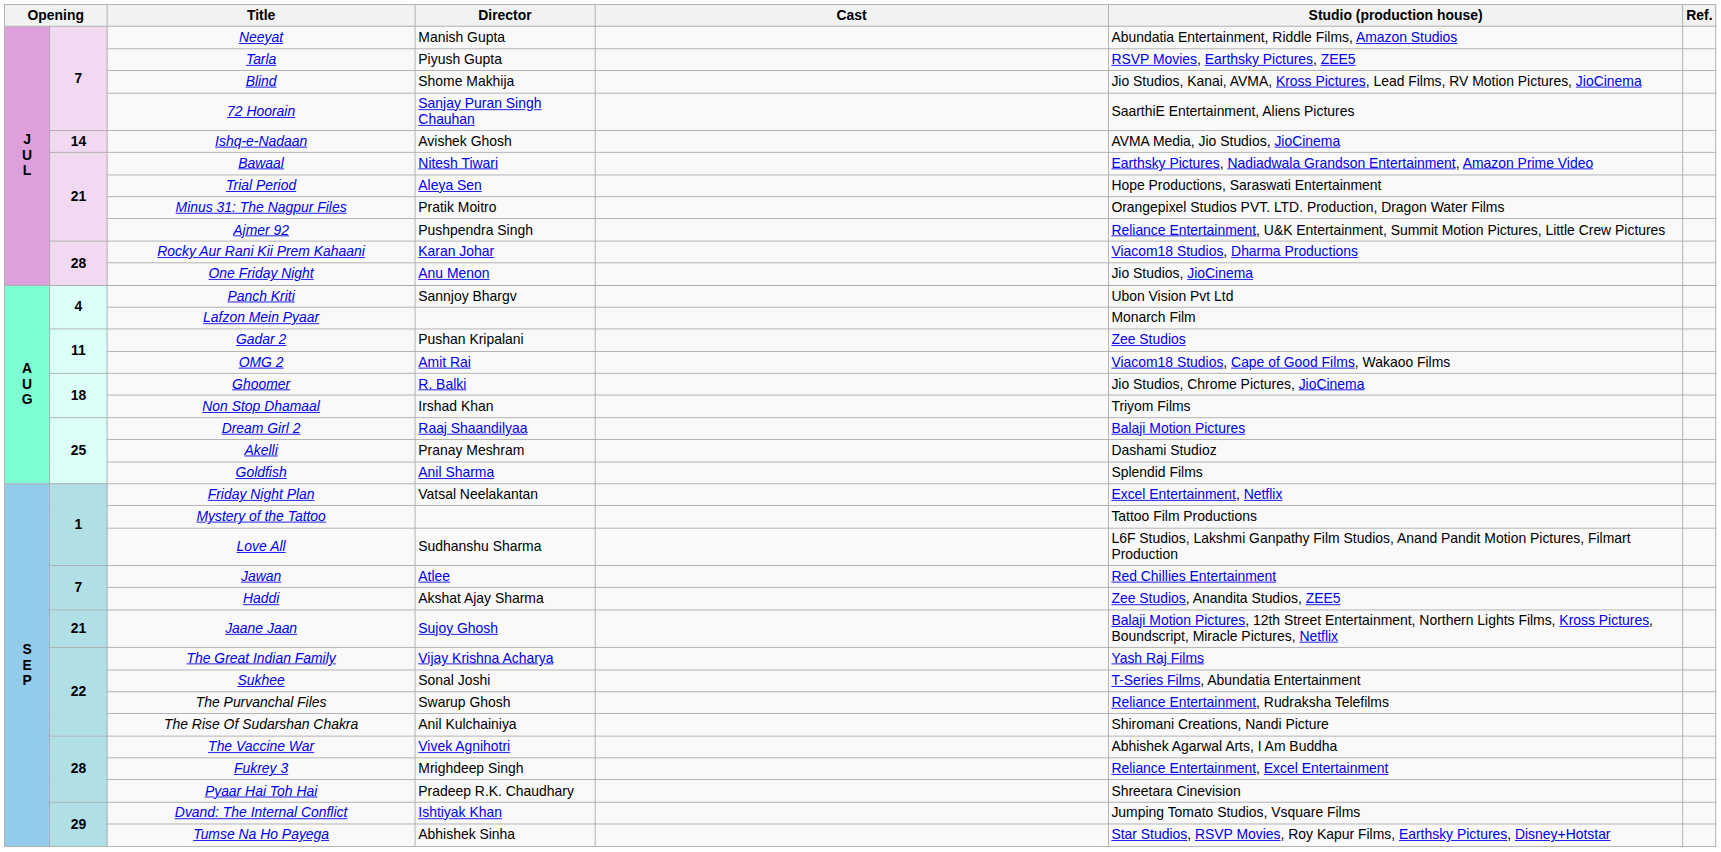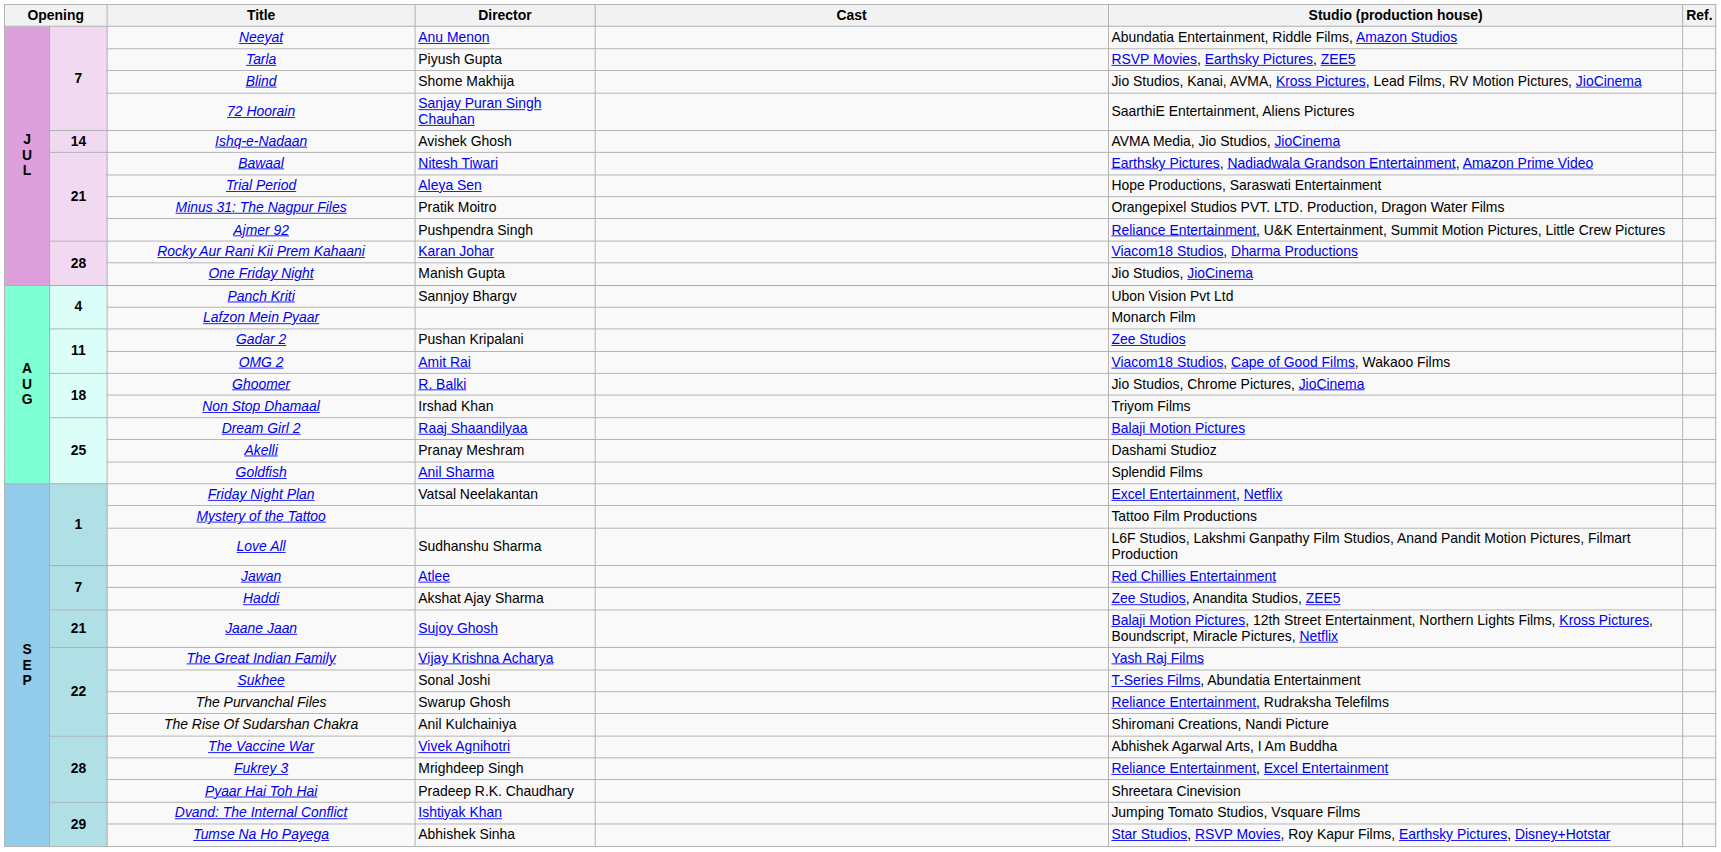 <table class="wikitable">
 <tr style="background:#b0e0e6; text-align:center;">
 <th colspan="2" style="width:6%;"><strong>Opening</strong></th>
 <th style="width:18%;"><strong>Title</strong></th>
 <th style="width:10.5%;"><strong>Director</strong></th>
 <th style="width:30%;"><strong>Cast</strong></th>
 <th>Studio (production house)</th>
 <th>Ref.</th>
 </tr>
 <tr>
 <td rowspan="11" style="text-align:center; background:plum; textcolor:#000;"><strong>J<br>U<br>L</strong></td>
 <td rowspan="4" style="text-align:center;background:#f1daf1;"><strong>7</strong></td>
 <td style="text-align:center;"><em><a href='#'>Neeyat</a></em></td>
-<td>Manish Gupta</td>
+<td><a href='#'>Anu Menon</a></td>
 <td></td>
 <td>Abundatia Entertainment, Riddle Films, <a href='#'>Amazon Studios</a></td>
 <td></td>
 </tr>
 <tr>
 <td style="text-align:center;"><em><a href='#'>Tarla</a></em></td>
 <td>Piyush Gupta</td>
 <td></td>
 <td><a href='#'>RSVP Movies</a>, <a href='#'>Earthsky Pictures</a>, <a href='#'>ZEE5</a></td>
 <td></td>
 </tr>
 <tr>
 <td style="text-align:center;"><em><a href='#'>Blind</a></em></td>
 <td>Shome Makhija</td>
 <td></td>
 <td>Jio Studios, Kanai, AVMA, <a href='#'>Kross Pictures</a>, Lead Films, RV Motion Pictures, <a href='#'>JioCinema</a></td>
 <td></td>
 </tr>
 <tr>
 <td style="text-align:center;"><em><a href='#'>72 Hoorain</a></em></td>
 <td><a href='#'>Sanjay Puran Singh Chauhan</a></td>
 <td></td>
 <td>SaarthiE Entertainment, Aliens Pictures</td>
 <td></td>
 </tr>
 <tr>
 <td style="text-align:center;background:#f1daf1;"><strong>14</strong></td>
 <td style="text-align:center;"><em><a href='#'>Ishq-e-Nadaan</a></em></td>
 <td>Avishek Ghosh</td>
 <td></td>
 <td>AVMA Media, Jio Studios, <a href='#'>JioCinema</a></td>
 <td></td>
 </tr>
 <tr>
 <td rowspan="4" style="text-align:center;background:#f1daf1;"><strong>21</strong></td>
 <td style="text-align:center;"><em><a href='#'>Bawaal</a></em></td>
 <td><a href='#'>Nitesh Tiwari</a></td>
 <td></td>
 <td><a href='#'>Earthsky Pictures</a>, <a href='#'>Nadiadwala Grandson Entertainment</a>, <a href='#'>Amazon Prime Video</a></td>
 <td></td>
 </tr>
 <tr>
 <td style="text-align:center;"><em><a href='#'>Trial Period</a></em></td>
 <td><a href='#'>Aleya Sen</a></td>
 <td></td>
 <td>Hope Productions, Saraswati Entertainment</td>
 <td></td>
 </tr>
 <tr>
 <td style="text-align:center;"><em><a href='#'>Minus 31: The Nagpur Files</a></em></td>
 <td>Pratik Moitro</td>
 <td></td>
 <td>Orangepixel Studios PVT. LTD. Production, Dragon Water Films</td>
 <td></td>
 </tr>
 <tr>
 <td style="text-align:center;"><em><a href='#'>Ajmer 92</a></em></td>
 <td>Pushpendra Singh</td>
 <td></td>
 <td><a href='#'>Reliance Entertainment</a>, U&K Entertainment, Summit Motion Pictures, Little Crew Pictures</td>
 <td></td>
 </tr>
 <tr>
 <td rowspan="2" style="text-align:center;background:#f1daf1;"><strong>28</strong></td>
 <td style="text-align:center;"><em><a href='#'>Rocky Aur Rani Kii Prem Kahaani</a></em></td>
 <td><a href='#'>Karan Johar</a></td>
 <td></td>
 <td><a href='#'>Viacom18 Studios</a>, <a href='#'>Dharma Productions</a></td>
 <td></td>
 </tr>
 <tr>
 <td style="text-align:center;"><em><a href='#'>One Friday Night</a></em></td>
-<td><a href='#'>Anu Menon</a></td>
+<td>Manish Gupta</td>
 <td></td>
 <td>Jio Studios, <a href='#'>JioCinema</a></td>
 <td></td>
 </tr>
 <tr>
 <td rowspan="10" style="text-align:center; background:#7FFFD4; textcolor:#000;"><strong>A<br>U<br>G</strong></td>
 </tr>
 <tr>
 <td rowspan="2" style="text-align:center; background:#dbfff8; textcolor:#000;"><strong>4</strong></td>
 <td style="text-align:center;"><em><a href='#'>Panch Kriti</a></em></td>
 <td>Sannjoy Bhargv</td>
 <td></td>
 <td>Ubon Vision Pvt Ltd</td>
 <td></td>
 </tr>
 <tr>
 <td style="text-align:center;"><em><a href='#'>Lafzon Mein Pyaar</a></em></td>
 <td></td>
 <td></td>
 <td>Monarch Film</td>
 <td></td>
 </tr>
 <tr>
 <td rowspan="2" style="text-align:center; background:#dbfff8; textcolor:#000;"><strong>11</strong></td>
 <td style="text-align:center;"><em><a href='#'>Gadar 2</a></em></td>
 <td>Pushan Kripalani</td>
 <td></td>
 <td><a href='#'>Zee Studios</a></td>
 <td></td>
 </tr>
 <tr>
 <td style="text-align:center;"><em><a href='#'>OMG 2</a></em></td>
 <td><a href='#'>Amit Rai</a></td>
 <td></td>
 <td><a href='#'>Viacom18 Studios</a>, <a href='#'>Cape of Good Films</a>, Wakaoo Films</td>
 <td></td>
 </tr>
 <tr>
 <td rowspan="2" style="text-align:center; background:#dbfff8; textcolor:#000;"><strong>18</strong></td>
 <td style="text-align:center;"><em><a href='#'>Ghoomer</a></em></td>
 <td><a href='#'>R. Balki</a></td>
 <td></td>
 <td>Jio Studios, Chrome Pictures, <a href='#'>JioCinema</a></td>
 <td></td>
 </tr>
 <tr>
 <td style="text-align:center;"><em><a href='#'>Non Stop Dhamaal</a></em></td>
 <td>Irshad Khan</td>
 <td></td>
 <td>Triyom Films</td>
 <td></td>
 </tr>
 <tr>
 <td rowspan="3" style="text-align:center; background:#dbfff8; textcolor:#000;"><strong>25</strong></td>
 <td style="text-align:center;"><em><a href='#'>Dream Girl 2</a></em></td>
 <td><a href='#'>Raaj Shaandilyaa</a></td>
 <td></td>
 <td><a href='#'>Balaji Motion Pictures</a></td>
 <td></td>
 </tr>
 <tr>
 <td style="text-align:center;"><em><a href='#'>Akelli</a></em></td>
 <td>Pranay Meshram</td>
 <td></td>
 <td>Dashami Studioz</td>
 <td></td>
 </tr>
 <tr>
 <td style="text-align:center;"><em><a href='#'>Goldfish</a></em></td>
 <td><a href='#'>Anil Sharma</a></td>
 <td></td>
 <td>Splendid Films</td>
 <td></td>
 </tr>
 <tr>
 <td rowspan="15" style="text-align:center; background:#93CCEA; textcolor:#000;"><strong>S<br>E<br>P</strong></td>
 <td rowspan="3" style="text-align:center;background:#B0E0E6;"><strong>1</strong></td>
 <td style="text-align:center;"><em><a href='#'>Friday Night Plan</a></em></td>
 <td>Vatsal Neelakantan</td>
 <td></td>
 <td><a href='#'>Excel Entertainment</a>, <a href='#'>Netflix</a></td>
 <td></td>
 </tr>
 <tr>
 <td style="text-align:center;"><em><a href='#'>Mystery of the Tattoo</a></em></td>
 <td></td>
 <td></td>
 <td>Tattoo Film Productions</td>
 <td></td>
 </tr>
 <tr>
 <td style="text-align:center;"><em><a href='#'>Love All</a></em></td>
 <td>Sudhanshu Sharma</td>
 <td></td>
 <td>L6F Studios, Lakshmi Ganpathy Film Studios, Anand Pandit Motion Pictures, Filmart Production</td>
 <td></td>
 </tr>
 <tr>
 <td rowspan="2" style="text-align:center;background:#B0E0E6;"><strong>7</strong></td>
 <td style="text-align:center;"><em><a href='#'>Jawan</a></em></td>
 <td><a href='#'>Atlee</a></td>
 <td></td>
 <td><a href='#'>Red Chillies Entertainment</a></td>
 <td></td>
 </tr>
 <tr>
 <td style="text-align:center;"><em><a href='#'>Haddi</a></em></td>
 <td>Akshat Ajay Sharma</td>
 <td></td>
 <td><a href='#'>Zee Studios</a>, Anandita Studios, <a href='#'>ZEE5</a></td>
 <td></td>
 </tr>
 <tr>
 <td style="text-align:center;background:#B0E0E6;"><strong>21</strong></td>
 <td style="text-align:center;"><em><a href='#'>Jaane Jaan</a></em></td>
 <td><a href='#'>Sujoy Ghosh</a></td>
 <td></td>
 <td><a href='#'>Balaji Motion Pictures</a>, 12th Street Entertainment, Northern Lights Films, <a href='#'>Kross Pictures</a>, Boundscript, Miracle Pictures, <a href='#'>Netflix</a></td>
 <td></td>
 </tr>
 <tr>
 <td rowspan="4" style="text-align:center;background:#B0E0E6;"><strong>22</strong></td>
 <td style="text-align:center;"><em><a href='#'>The Great Indian Family</a></em></td>
 <td><a href='#'>Vijay Krishna Acharya</a></td>
 <td></td>
 <td><a href='#'>Yash Raj Films</a></td>
 <td></td>
 </tr>
 <tr>
 <td style="text-align:center;"><em><a href='#'>Sukhee</a></em></td>
 <td>Sonal Joshi</td>
 <td></td>
 <td><a href='#'>T-Series Films</a>, Abundatia Entertainment</td>
 <td></td>
 </tr>
 <tr>
 <td style="text-align:center;"><em>The Purvanchal Files</em></td>
 <td>Swarup Ghosh</td>
 <td></td>
 <td><a href='#'>Reliance Entertainment</a>, Rudraksha Telefilms</td>
 <td></td>
 </tr>
 <tr>
 <td style="text-align:center;"><em>The Rise Of Sudarshan Chakra</em></td>
 <td>Anil Kulchainiya</td>
 <td></td>
 <td>Shiromani Creations, Nandi Picture</td>
 <td></td>
 </tr>
 <tr>
 <td rowspan="3" style="text-align:center;background:#B0E0E6;"><strong>28</strong></td>
 <td style="text-align:center;"><em><a href='#'>The Vaccine War</a></em></td>
 <td><a href='#'>Vivek Agnihotri</a></td>
 <td></td>
 <td>Abhishek Agarwal Arts, I Am Buddha</td>
 <td></td>
 </tr>
 <tr>
 <td style="text-align:center;"><em><a href='#'>Fukrey 3</a></em></td>
 <td>Mrighdeep Singh</td>
 <td></td>
 <td><a href='#'>Reliance Entertainment</a>, <a href='#'>Excel Entertainment</a></td>
 <td></td>
 </tr>
 <tr>
 <td style="text-align:center;"><em><a href='#'>Pyaar Hai Toh Hai</a></em></td>
 <td>Pradeep R.K. Chaudhary</td>
 <td></td>
 <td>Shreetara Cinevision</td>
 <td></td>
 </tr>
 <tr>
 <td rowspan="2" style="text-align:center;background:#B0E0E6;"><strong>29</strong></td>
 <td style="text-align:center;"><em><a href='#'>Dvand: The Internal Conflict</a></em></td>
 <td><a href='#'>Ishtiyak Khan</a></td>
 <td></td>
 <td>Jumping Tomato Studios, Vsquare Films</td>
 <td></td>
 </tr>
 <tr>
 <td style="text-align:center;"><em><a href='#'>Tumse Na Ho Payega</a></em></td>
 <td>Abhishek Sinha</td>
 <td></td>
 <td><a href='#'>Star Studios</a>, <a href='#'>RSVP Movies</a>, Roy Kapur Films, <a href='#'>Earthsky Pictures</a>, <a href='#'>Disney+Hotstar</a></td>
 <td></td>
 </tr>
 </table>
